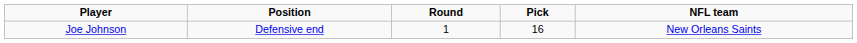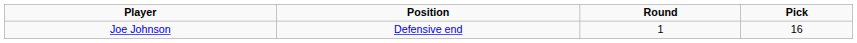 <table class="wikitable" width="80%">
 <tr align="center">
 <td><strong>Player</strong></td>
 <td><strong>Position</strong></td>
 <td><strong>Round</strong></td>
 <td><strong>Pick</strong></td>
-<td><strong>NFL team</strong></td>
 </tr>
 <tr align="center" bgcolor="">
 <td><a href='#'>Joe Johnson</a></td>
 <td><a href='#'>Defensive end</a></td>
 <td>1</td>
 <td>16</td>
-<td><a href='#'>New Orleans Saints</a></td>
 </tr>
 </table>
